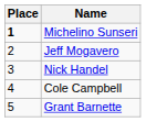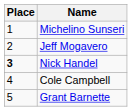 <table class="wikitable">
 <tr>
 <th>Place</th>
 <th>Name</th>
 </tr>
 <tr>
-<td><strong>1</strong></td>
+<td>1</td>
 <td> <a href='#'>Michelino Sunseri</a></td>
 </tr>
 <tr>
 <td>2</td>
 <td> <a href='#'>Jeff Mogavero</a></td>
 </tr>
 <tr>
-<td>3</td>
+<td><strong>3</strong></td>
 <td> <a href='#'>Nick Handel</a></td>
 </tr>
 <tr>
 <td>4</td>
 <td> Cole Campbell</td>
 </tr>
 <tr>
 <td>5</td>
 <td> <a href='#'>Grant Barnette</a></td>
 </tr>
 </table>
